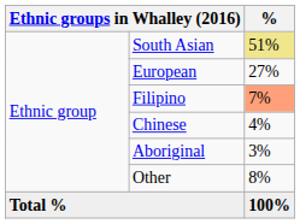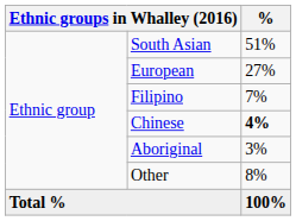 <table class="wikitable">
 <tr>
 <th colspan=2><a href='#'>Ethnic groups</a> in Whalley (2016)<br></th>
 <th>%</th>
 </tr>
 <tr>
 <td rowspan=6><a href='#'>Ethnic group</a></td>
 <td><a href='#'>South Asian</a></td>
-<td style="background: khaki;">51%</td>
+<td>51%</td>
 </tr>
 <tr>
 <td><a href='#'>European</a></td>
 <td>27%</td>
 </tr>
 <tr>
 <td><a href='#'>Filipino</a></td>
-<td style="background: lightsalmon;">7%</td>
+<td>7%</td>
 </tr>
 <tr>
 <td><a href='#'>Chinese</a></td>
-<td>4%</td>
+<td><strong>4%</strong></td>
 </tr>
 <tr>
 <td><a href='#'>Aboriginal</a></td>
 <td>3%</td>
 </tr>
 <tr>
 <td>Other</td>
 <td>8%</td>
 </tr>
 <tr style="background:#efefef; font-weight:bold">
 <td colspan=2>Total %</td>
 <td>100%</td>
 </tr>
 </table>
